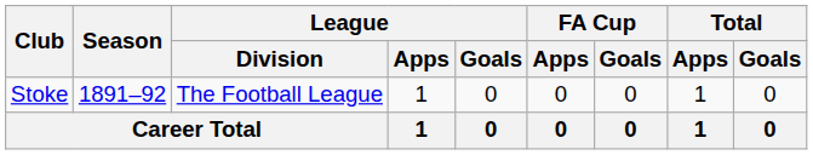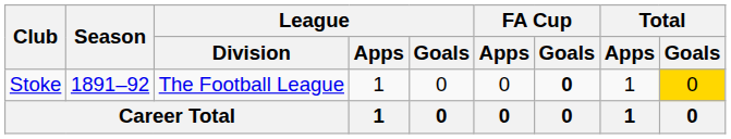 <table class="wikitable" style="text-align: center;">
 <tr>
 <th rowspan="2">Club</th>
 <th rowspan="2">Season</th>
 <th colspan="3">League</th>
 <th colspan="2">FA Cup</th>
 <th colspan="2">Total</th>
 </tr>
 <tr>
 <th>Division</th>
 <th>Apps</th>
 <th>Goals</th>
 <th>Apps</th>
 <th>Goals</th>
 <th>Apps</th>
 <th>Goals</th>
 </tr>
 <tr>
 <td><a href='#'>Stoke</a></td>
 <td><a href='#'>1891–92</a></td>
 <td><a href='#'>The Football League</a></td>
 <td>1</td>
 <td>0</td>
 <td>0</td>
-<td>0</td>
+<td><strong>0</strong></td>
 <td>1</td>
-<td>0</td>
+<td style="background: gold;">0</td>
 </tr>
 <tr>
 <th colspan="3">Career Total</th>
 <th>1</th>
 <th>0</th>
 <th>0</th>
 <th>0</th>
 <th>1</th>
 <th>0</th>
 </tr>
 </table>
